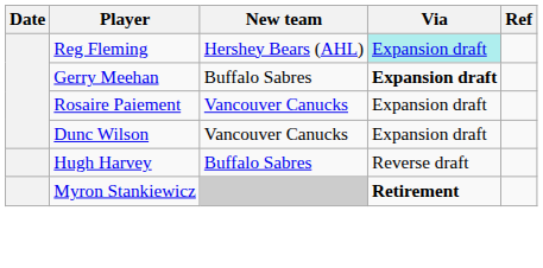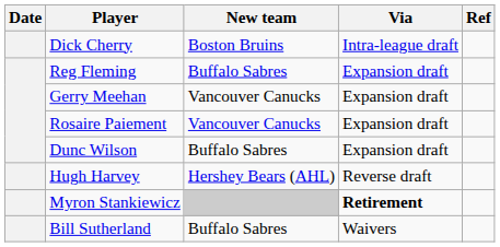 <table class="wikitable plainrowheaders">
 <tr style="background:#ddd; text-align:center;">
 <th>Date</th>
 <th>Player</th>
 <th>New team</th>
 <th>Via</th>
 <th>Ref</th>
 </tr>
 <tr>
+<th scope="row"></th>
+<td><a href='#'>Dick Cherry</a></td>
+<td><a href='#'>Boston Bruins</a></td>
+<td><a href='#'>Intra-league draft</a></td>
+<td></td>
+</tr>
+<tr>
 <th scope="row" rowspan=4></th>
 <td><a href='#'>Reg Fleming</a></td>
-<td><a href='#'>Hershey Bears</a> (<a href='#'>AHL</a>)</td>
-<td style="background: paleturquoise;"><a href='#'>Expansion draft</a></td>
+<td><a href='#'>Buffalo Sabres</a></td>
+<td><a href='#'>Expansion draft</a></td>
 <td></td>
 </tr>
 <tr>
 <td><a href='#'>Gerry Meehan</a></td>
-<td>Buffalo Sabres</td>
-<td><strong>Expansion draft</strong></td>
+<td>Vancouver Canucks</td>
+<td>Expansion draft</td>
 <td></td>
 </tr>
 <tr>
 <td><a href='#'>Rosaire Paiement</a></td>
 <td><a href='#'>Vancouver Canucks</a></td>
 <td>Expansion draft</td>
 <td></td>
 </tr>
 <tr>
 <td><a href='#'>Dunc Wilson</a></td>
-<td>Vancouver Canucks</td>
+<td>Buffalo Sabres</td>
 <td>Expansion draft</td>
 <td></td>
 </tr>
 <tr>
 <th scope="row"></th>
 <td><a href='#'>Hugh Harvey</a></td>
-<td><a href='#'>Buffalo Sabres</a></td>
+<td><a href='#'>Hershey Bears</a> (<a href='#'>AHL</a>)</td>
 <td>Reverse draft</td>
 <td></td>
 </tr>
 <tr>
 <th scope="row"></th>
 <td><a href='#'>Myron Stankiewicz</a></td>
 <td style="background:#ccc"></td>
 <td><strong>Retirement</strong></td>
 <td></td>
 </tr>
+<tr>
+<th scope="row"></th>
+<td><a href='#'>Bill Sutherland</a></td>
+<td>Buffalo Sabres</td>
+<td>Waivers</td>
+<td></td>
+</tr>
 </table>
